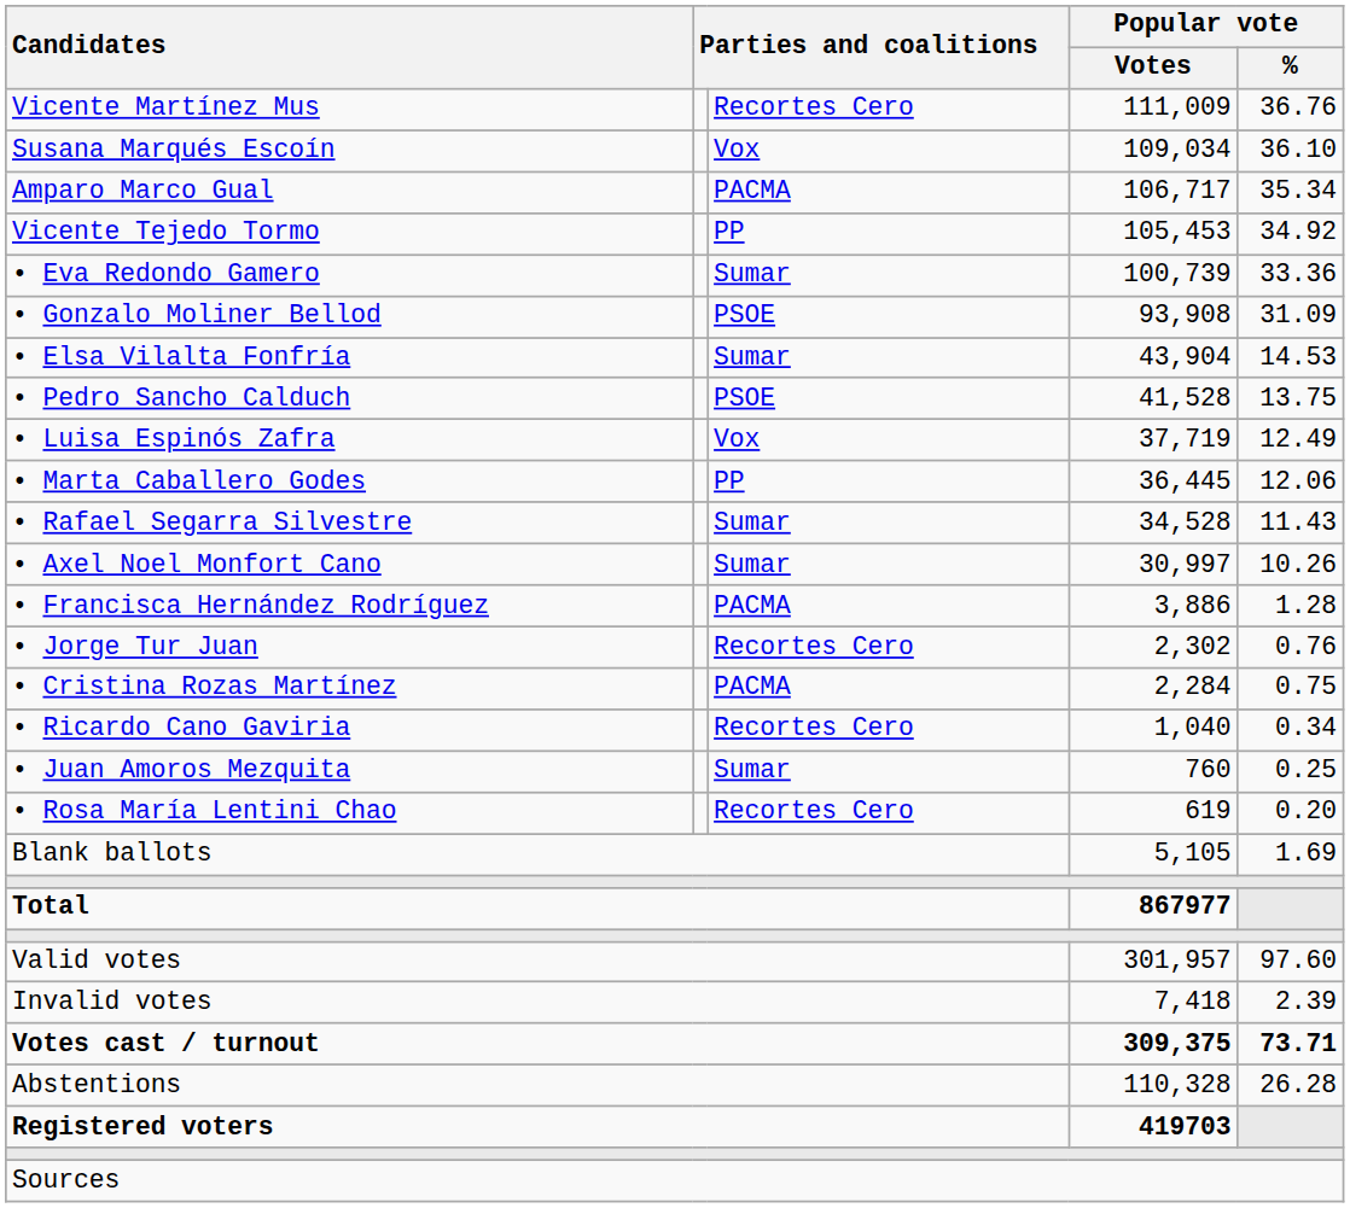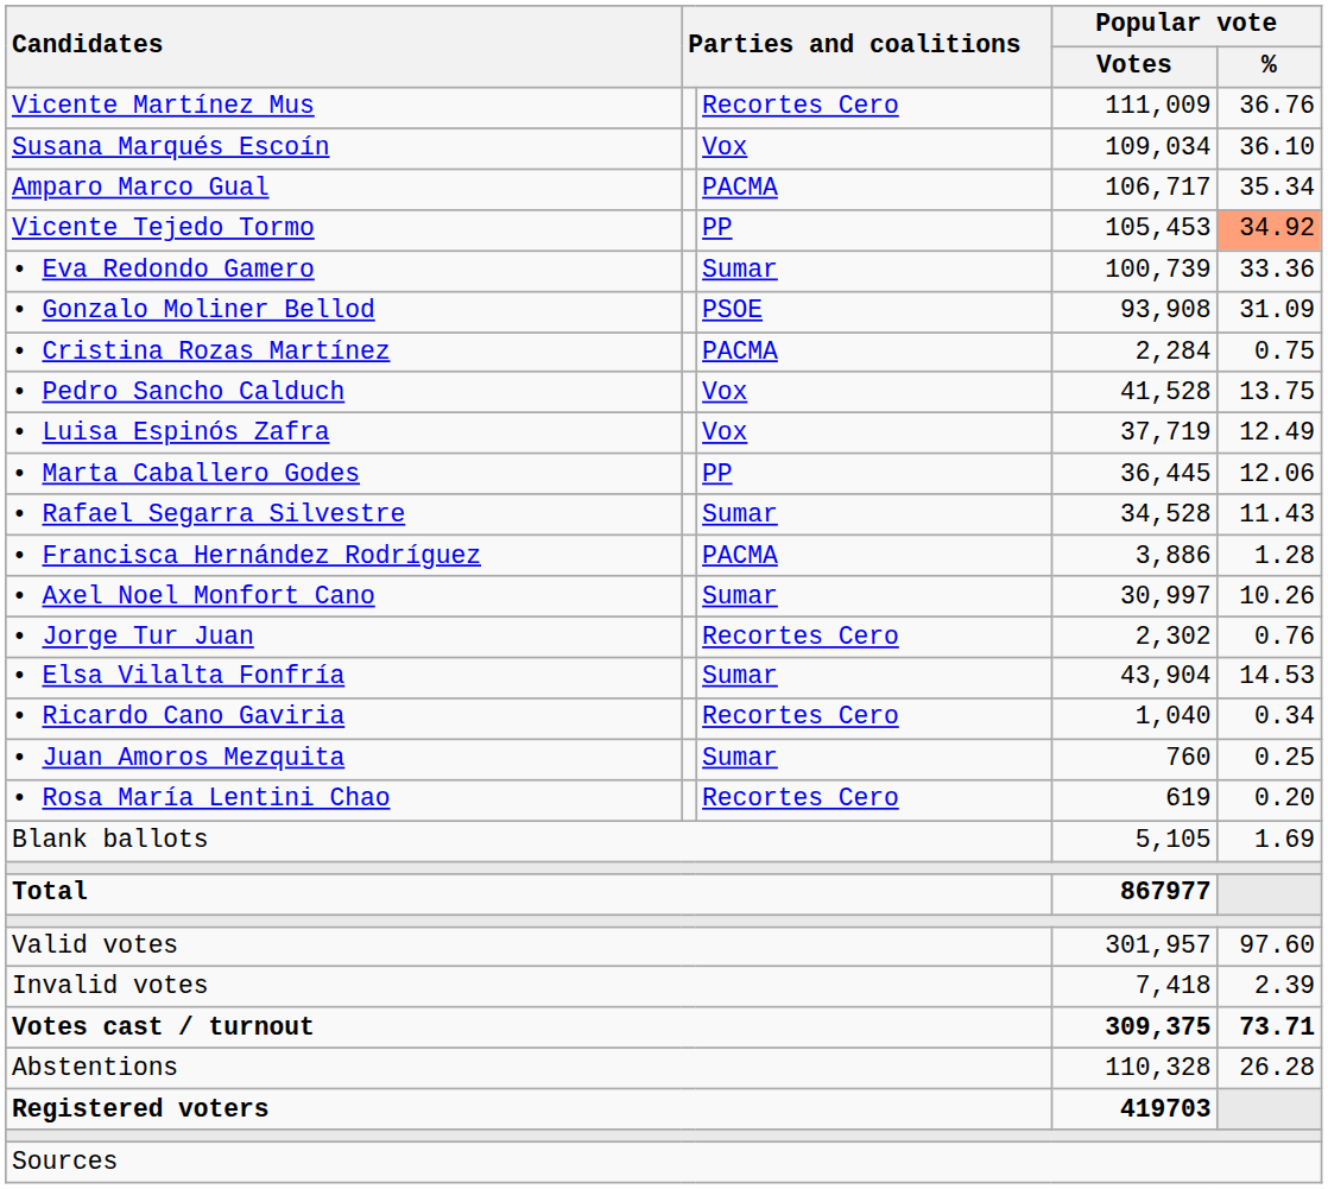 <table class="wikitable" style="text-align:right; font-size:95%;">
 <tr>
 <th style="text-align:left;" rowspan="2" width="325">Candidates</th>
 <th style="text-align:left;" rowspan="2" colspan="2" width="175">Parties and coalitions</th>
 <th colspan="2">Popular vote</th>
 </tr>
 <tr>
 <th width="75">Votes</th>
 <th width="45">%</th>
 </tr>
 <tr>
 <td align="left"> <a href='#'>Vicente Martínez Mus</a></td>
 <td width="1" style="color:inherit;background:"></td>
 <td align="left"><a href='#'>Recortes Cero</a></td>
 <td>111,009</td>
 <td>36.76</td>
 </tr>
 <tr>
 <td align="left"> <a href='#'>Susana Marqués Escoín</a></td>
 <td width="1" style="color:inherit;background:"></td>
 <td align="left"><a href='#'>Vox</a></td>
 <td>109,034</td>
 <td>36.10</td>
 </tr>
 <tr>
 <td align="left"> <a href='#'>Amparo Marco Gual</a></td>
 <td width="1" style="color:inherit;background:"></td>
 <td align="left"><a href='#'>PACMA</a></td>
 <td>106,717</td>
 <td>35.34</td>
 </tr>
 <tr>
 <td align="left"> <a href='#'>Vicente Tejedo Tormo</a></td>
 <td width="1" style="color:inherit;background:"></td>
 <td align="left"><a href='#'>PP</a></td>
 <td>105,453</td>
-<td>34.92</td>
+<td style="background: lightsalmon;">34.92</td>
 </tr>
 <tr>
 <td align="left">• <a href='#'>Eva Redondo Gamero</a></td>
 <td width="1" style="color:inherit;background:"></td>
 <td align="left"><a href='#'>Sumar</a></td>
 <td>100,739</td>
 <td>33.36</td>
 </tr>
 <tr>
 <td align="left">• <a href='#'>Gonzalo Moliner Bellod</a></td>
 <td width="1" style="color:inherit;background:"></td>
 <td align="left"><a href='#'>PSOE</a></td>
 <td>93,908</td>
 <td>31.09</td>
 </tr>
 <tr>
-<td align="left">• <a href='#'>Elsa Vilalta Fonfría</a></td>
+<td align="left">• <a href='#'>Cristina  Rozas  Martínez </a></td>
 <td width="1" style="color:inherit;background:"></td>
-<td align="left"><a href='#'>Sumar</a></td>
-<td>43,904</td>
-<td>14.53</td>
+<td align="left"><a href='#'>PACMA</a></td>
+<td>2,284</td>
+<td>0.75</td>
 </tr>
 <tr>
 <td align="left">• <a href='#'>Pedro Sancho Calduch</a></td>
 <td width="1" style="color:inherit;background:"></td>
-<td align="left"><a href='#'>PSOE</a></td>
+<td align="left"><a href='#'>Vox</a></td>
 <td>41,528</td>
 <td>13.75</td>
 </tr>
 <tr>
 <td align="left">• <a href='#'>Luisa Espinós Zafra</a></td>
 <td width="1" style="color:inherit;background:"></td>
 <td align="left"><a href='#'>Vox</a></td>
 <td>37,719</td>
 <td>12.49</td>
 </tr>
 <tr>
 <td align="left">• <a href='#'>Marta Caballero Godes</a></td>
 <td width="1" style="color:inherit;background:"></td>
 <td align="left"><a href='#'>PP</a></td>
 <td>36,445</td>
 <td>12.06</td>
 </tr>
 <tr>
 <td align="left">• <a href='#'>Rafael Segarra Silvestre</a></td>
 <td width="1" style="color:inherit;background:"></td>
 <td align="left"><a href='#'>Sumar</a></td>
 <td>34,528</td>
 <td>11.43</td>
 </tr>
 <tr>
+<td align="left">• <a href='#'>Francisca  Hernández  Rodríguez </a></td>
+<td width="1" style="color:inherit;background:"></td>
+<td align="left"><a href='#'>PACMA</a></td>
+<td>3,886</td>
+<td>1.28</td>
+</tr>
+<tr>
 <td align="left">• <a href='#'>Axel Noel Monfort Cano</a></td>
 <td width="1" style="color:inherit;background:"></td>
 <td align="left"><a href='#'>Sumar</a></td>
 <td>30,997</td>
 <td>10.26</td>
-</tr>
-<tr>
-<td align="left">• <a href='#'>Francisca  Hernández  Rodríguez </a></td>
-<td width="1" style="color:inherit;background:"></td>
-<td align="left"><a href='#'>PACMA</a></td>
-<td>3,886</td>
-<td>1.28</td>
 </tr>
 <tr>
 <td align="left">• <a href='#'>Jorge  Tur  Juan </a></td>
 <td width="1" style="color:inherit;background:"></td>
 <td align="left"><a href='#'>Recortes Cero</a></td>
 <td>2,302</td>
 <td>0.76</td>
 </tr>
 <tr>
-<td align="left">• <a href='#'>Cristina  Rozas  Martínez </a></td>
+<td align="left">• <a href='#'>Elsa Vilalta Fonfría</a></td>
 <td width="1" style="color:inherit;background:"></td>
-<td align="left"><a href='#'>PACMA</a></td>
-<td>2,284</td>
-<td>0.75</td>
+<td align="left"><a href='#'>Sumar</a></td>
+<td>43,904</td>
+<td>14.53</td>
 </tr>
 <tr>
 <td align="left">• <a href='#'>Ricardo Cano Gaviria</a></td>
 <td width="1" style="color:inherit;background:"></td>
 <td align="left"><a href='#'>Recortes Cero</a></td>
 <td>1,040</td>
 <td>0.34</td>
 </tr>
 <tr>
 <td align="left">• <a href='#'>Juan Amoros Mezquita</a></td>
 <td width="1" style="color:inherit;background:"></td>
 <td align="left"><a href='#'>Sumar</a></td>
 <td>760</td>
 <td>0.25</td>
 </tr>
 <tr>
 <td align="left">• <a href='#'>Rosa María Lentini Chao</a></td>
 <td width="1" style="color:inherit;background:"></td>
 <td align="left"><a href='#'>Recortes Cero</a></td>
 <td>619</td>
 <td>0.20</td>
 </tr>
 <tr>
 <td align="left" colspan="3">Blank ballots</td>
 <td>5,105</td>
 <td>1.69</td>
 </tr>
 <tr>
 <td colspan="5" bgcolor="#E9E9E9"></td>
 </tr>
 <tr style="font-weight:bold;">
 <td align="left" colspan="3">Total</td>
 <td>867977</td>
 <td bgcolor="#E9E9E9"></td>
 </tr>
 <tr>
 <td colspan="5" bgcolor="#E9E9E9"></td>
 </tr>
 <tr>
 <td align="left" colspan="3">Valid votes</td>
 <td>301,957</td>
 <td>97.60</td>
 </tr>
 <tr>
 <td align="left" colspan="3">Invalid votes</td>
 <td>7,418</td>
 <td>2.39</td>
 </tr>
 <tr style="font-weight:bold;">
 <td align="left" colspan="3">Votes cast / turnout</td>
 <td>309,375</td>
 <td>73.71</td>
 </tr>
 <tr>
 <td align="left" colspan="3">Abstentions</td>
 <td>110,328</td>
 <td>26.28</td>
 </tr>
 <tr style="font-weight:bold;">
 <td align="left" colspan="3">Registered voters</td>
 <td>419703</td>
 <td bgcolor="#E9E9E9"></td>
 </tr>
 <tr>
 <td colspan="5" bgcolor="#E9E9E9"></td>
 </tr>
 <tr>
 <td align="left" colspan="5">Sources</td>
 </tr>
 </table>
